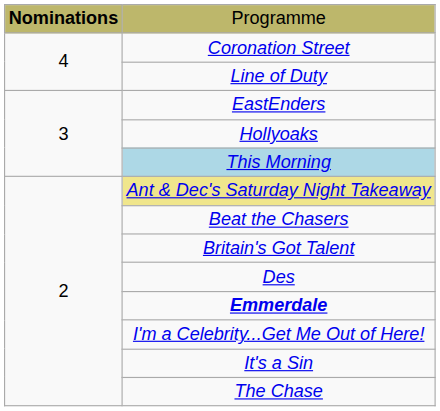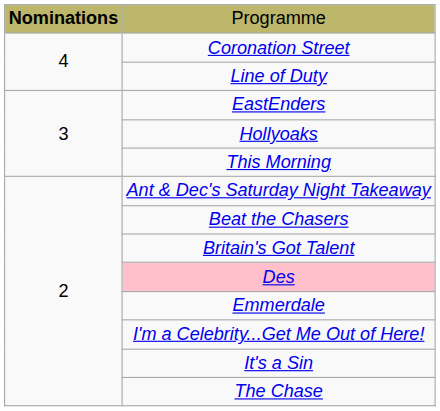 <table class="wikitable" style="text-align:center;">
 <tr>
 <th style="background:#BDB76B;">Nominations</th>
 <td style="background:#BDB76B;">Programme</td>
 </tr>
 <tr>
 <td rowspan="2">4</td>
 <td><em><a href='#'>Coronation Street</a></em></td>
 </tr>
 <tr>
 <td><em><a href='#'>Line of Duty</a></em></td>
 </tr>
 <tr>
 <td rowspan="3">3</td>
 <td><em><a href='#'>EastEnders</a></em></td>
 </tr>
 <tr>
 <td><em><a href='#'>Hollyoaks</a></em></td>
 </tr>
 <tr>
-<td style="background: lightblue;"><em><a href='#'>This Morning</a></em></td>
+<td><em><a href='#'>This Morning</a></em></td>
 </tr>
 <tr>
 <td rowspan="8">2</td>
-<td style="background: khaki;"><em><a href='#'>Ant & Dec's Saturday Night Takeaway</a></em></td>
+<td><em><a href='#'>Ant & Dec's Saturday Night Takeaway</a></em></td>
 </tr>
 <tr>
 <td><em><a href='#'>Beat the Chasers</a></em></td>
 </tr>
 <tr>
 <td><em><a href='#'>Britain's Got Talent</a></em></td>
 </tr>
 <tr>
-<td><em><a href='#'>Des</a></em></td>
+<td style="background: pink;"><em><a href='#'>Des</a></em></td>
 </tr>
 <tr>
-<td><strong><em><a href='#'>Emmerdale</a></em></strong></td>
+<td><em><a href='#'>Emmerdale</a></em></td>
 </tr>
 <tr>
 <td><em><a href='#'>I'm a Celebrity...Get Me Out of Here!</a></em></td>
 </tr>
 <tr>
 <td><em><a href='#'>It's a Sin</a></em></td>
 </tr>
 <tr>
 <td><em><a href='#'>The Chase</a></em></td>
 </tr>
 </table>
